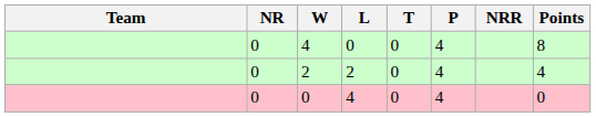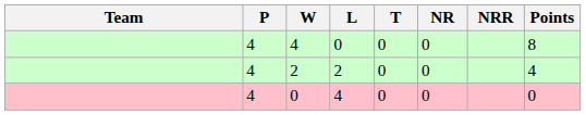 <table class="wikitable">
 <tr>
 <th style="width:38%;">Team</th>
-<th style="width:8%;">NR</th>
+<th style="width:7%;">P</th>
 <th style="width:7%;">W</th>
 <th style="width:7%;">L</th>
 <th style="width:7%;">T</th>
-<th style="width:7%;">P</th>
+<th style="width:8%;">NR</th>
 <th style="width:9%;">NRR</th>
 <th style="width:9%;">Points</th>
 </tr>
 <tr style="background:#cfc;">
 <td align=left></td>
-<td>0</td>
+<td>4</td>
 <td>4</td>
 <td>0</td>
 <td>0</td>
-<td>4</td>
+<td>0</td>
 <td></td>
 <td>8</td>
 </tr>
 <tr style="background:#cfc;">
 <td align=left></td>
-<td>0</td>
+<td>4</td>
 <td>2</td>
 <td>2</td>
 <td>0</td>
-<td>4</td>
+<td>0</td>
 <td></td>
 <td>4</td>
 </tr>
 <tr style="background:pink;">
 <td align=left></td>
-<td>0</td>
+<td>4</td>
 <td>0</td>
 <td>4</td>
 <td>0</td>
-<td>4</td>
+<td>0</td>
 <td></td>
 <td>0</td>
 </tr>
 </table>
